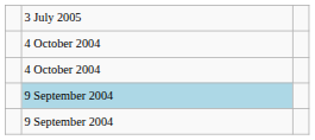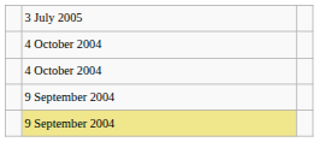 <table class="wikitable" style="font-size: 89%; float: left; width: 25em; margin-right: 1em; line-height: 1.65em !important; height: 120px;">
 <tr>
 <td></td>
 <td>3 July 2005</td>
 <td></td>
 </tr>
 <tr>
 <td></td>
 <td>4 October 2004</td>
 <td></td>
 </tr>
 <tr>
 <td></td>
 <td>4 October 2004</td>
 <td></td>
 </tr>
 <tr>
 <td></td>
-<td style="background: lightblue;">9 September 2004</td>
+<td>9 September 2004</td>
 <td></td>
 </tr>
 <tr>
 <td></td>
-<td>9 September 2004</td>
+<td style="background: khaki;">9 September 2004</td>
 <td></td>
 </tr>
 </table>
